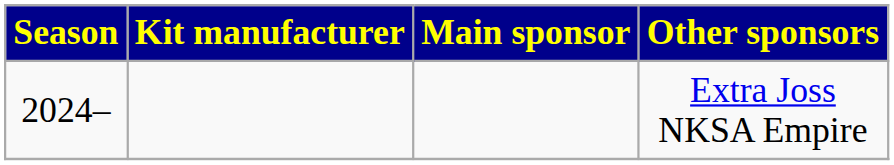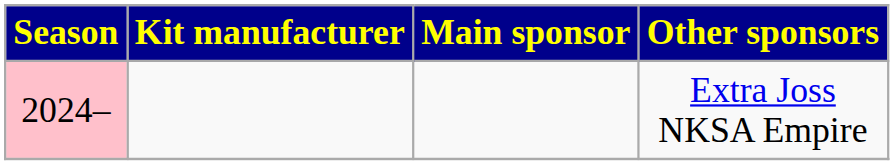 <table class="wikitable" style="text-align: center">
 <tr>
 <th style="background:darkblue; color:yellow;">Season</th>
 <th style="background:darkblue; color:yellow;">Kit manufacturer</th>
 <th style="background:darkblue; color:yellow;">Main sponsor</th>
 <th style="background:darkblue; color:yellow;">Other sponsors</th>
 </tr>
 <tr>
-<td>2024–</td>
+<td style="background: pink;">2024–</td>
 <td></td>
 <td><br></td>
 <td><a href='#'>Extra Joss</a> <br> NKSA Empire</td>
 </tr>
 <tr>
 </tr>
 </table>
